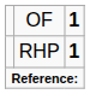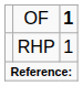 <table class="wikitable sortable" style="text-align: center">
 <tr align=center>
 </tr>
 <tr>
 <td></td>
 <td>OF</td>
 <td><strong>1</strong></td>
 </tr>
 <tr>
 <td></td>
 <td>RHP</td>
-<td><strong>1</strong></td>
+<td>1</td>
 </tr>
 <tr class="sortbottom">
 <td colspan="4"  style="font-size:8pt; text-align:center;"><strong>Reference:</strong></td>
 </tr>
 </table>
